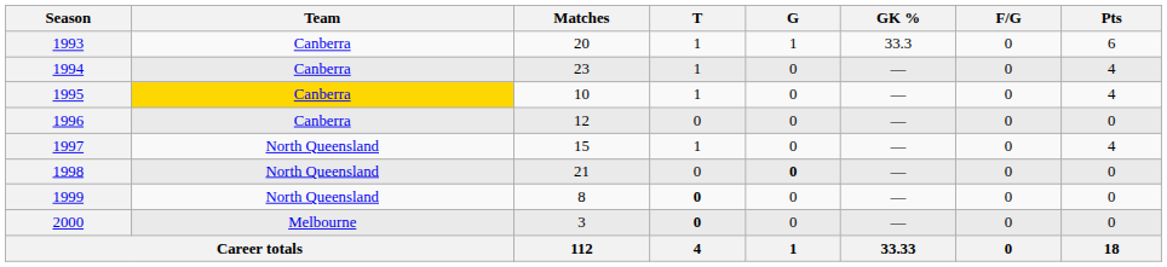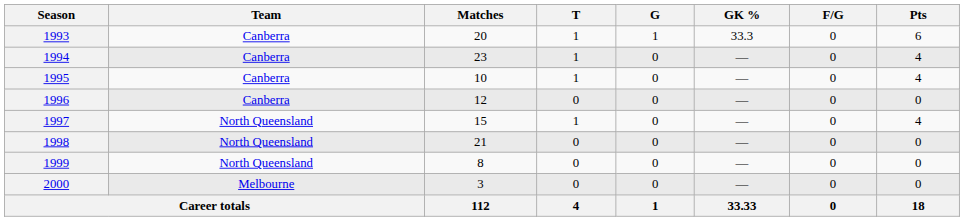 <table class="wikitable sortable"  style="font-size:90%; text-align:center; width:85%;">
 <tr>
 <th width=2%>Season</th>
 <th width=8%>Team</th>
 <th width=2%>Matches</th>
 <th width=2%>T</th>
 <th width=2%>G</th>
 <th width=2%>GK %</th>
 <th width=2%>F/G</th>
 <th width=2%>Pts</th>
 </tr>
 <tr>
 <th scope="row" style="text-align:center; font-weight:normal"><a href='#'>1993</a></th>
 <td style="text-align:center;"> <a href='#'>Canberra</a></td>
 <td>20</td>
 <td>1</td>
 <td>1</td>
 <td>33.3</td>
 <td>0</td>
 <td>6</td>
 </tr>
 <tr style="background-color: #EAEAEA">
 <th scope="row" style="text-align:center; font-weight:normal"><a href='#'>1994</a></th>
 <td style="text-align:center;"> <a href='#'>Canberra</a></td>
 <td>23</td>
 <td>1</td>
 <td>0</td>
 <td>—</td>
 <td>0</td>
 <td>4</td>
 </tr>
 <tr>
 <th scope="row" style="text-align:center; font-weight:normal"><a href='#'>1995</a></th>
-<td style="background: gold; text-align:center;"> <a href='#'>Canberra</a></td>
+<td style="text-align:center;"> <a href='#'>Canberra</a></td>
 <td>10</td>
 <td>1</td>
 <td>0</td>
 <td>—</td>
 <td>0</td>
 <td>4</td>
 </tr>
 <tr style="background-color: #EAEAEA">
 <th scope="row" style="text-align:center; font-weight:normal"><a href='#'>1996</a></th>
 <td style="text-align:center;"> <a href='#'>Canberra</a></td>
 <td>12</td>
 <td>0</td>
 <td>0</td>
 <td>—</td>
 <td>0</td>
 <td>0</td>
 </tr>
 <tr>
 <th scope="row" style="text-align:center; font-weight:normal"><a href='#'>1997</a></th>
 <td style="text-align:center;"> <a href='#'>North Queensland</a></td>
 <td>15</td>
 <td>1</td>
 <td>0</td>
 <td>—</td>
 <td>0</td>
 <td>4</td>
 </tr>
 <tr style="background-color: #EAEAEA">
 <th scope="row" style="text-align:center; font-weight:normal"><a href='#'>1998</a></th>
 <td style="text-align:center;"> <a href='#'>North Queensland</a></td>
 <td>21</td>
 <td>0</td>
-<td><strong>0</strong></td>
+<td>0</td>
 <td>—</td>
 <td>0</td>
 <td>0</td>
 </tr>
 <tr>
 <th scope="row" style="text-align:center; font-weight:normal"><a href='#'>1999</a></th>
 <td style="text-align:center;"> <a href='#'>North Queensland</a></td>
 <td>8</td>
-<td><strong>0</strong></td>
+<td>0</td>
 <td>0</td>
 <td>—</td>
 <td>0</td>
 <td>0</td>
 </tr>
 <tr style="background-color: #EAEAEA">
 <th scope="row" style="text-align:center; font-weight:normal"><a href='#'>2000</a></th>
 <td style="text-align:center;"> <a href='#'>Melbourne</a></td>
 <td>3</td>
-<td><strong>0</strong></td>
+<td>0</td>
 <td>0</td>
 <td>—</td>
 <td>0</td>
 <td>0</td>
 </tr>
 <tr class="sortbottom">
 <th colspan=2>Career totals</th>
 <th>112</th>
 <th>4</th>
 <th>1</th>
 <th>33.33</th>
 <th>0</th>
 <th>18</th>
 </tr>
 </table>
